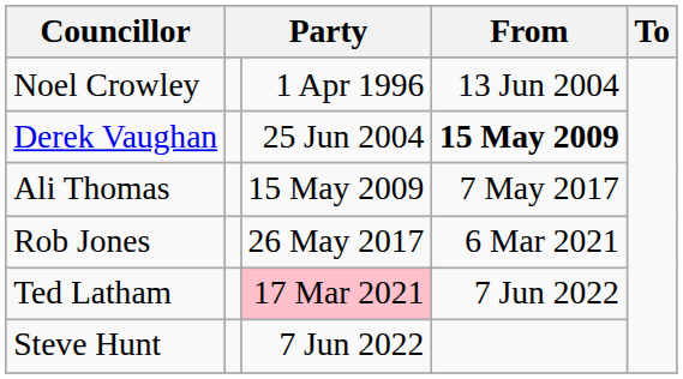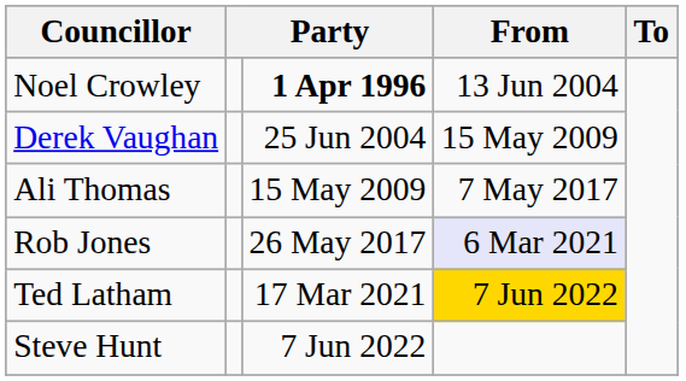 <table class=wikitable>
 <tr>
 <th>Councillor</th>
 <th colspan=2>Party</th>
 <th>From</th>
 <th>To</th>
 </tr>
 <tr>
 <td>Noel Crowley</td>
 <td></td>
-<td align=right>1 Apr 1996</td>
+<td align=right><strong>1 Apr 1996</strong></td>
 <td align=right>13 Jun 2004</td>
 </tr>
 <tr>
 <td><a href='#'>Derek Vaughan</a></td>
 <td></td>
 <td align=right>25 Jun 2004</td>
-<td align=right><strong>15 May 2009</strong></td>
+<td align=right>15 May 2009</td>
 </tr>
 <tr>
 <td>Ali Thomas</td>
 <td></td>
 <td align=right>15 May 2009</td>
 <td align=right>7 May 2017</td>
 </tr>
 <tr>
 <td>Rob Jones</td>
 <td></td>
 <td align=right>26 May 2017</td>
-<td align=right>6 Mar 2021</td>
+<td align=right style="background: lavender;">6 Mar 2021</td>
 </tr>
 <tr>
 <td>Ted Latham</td>
 <td></td>
-<td align=right style="background: pink;">17 Mar 2021</td>
-<td align=right>7 Jun 2022</td>
+<td align=right>17 Mar 2021</td>
+<td align=right style="background: gold;">7 Jun 2022</td>
 </tr>
 <tr>
 <td>Steve Hunt</td>
 <td></td>
 <td align=right>7 Jun 2022</td>
 <td align=right></td>
 </tr>
 </table>
